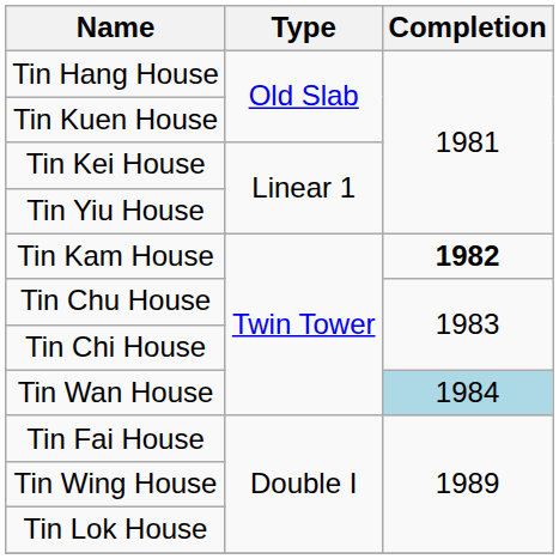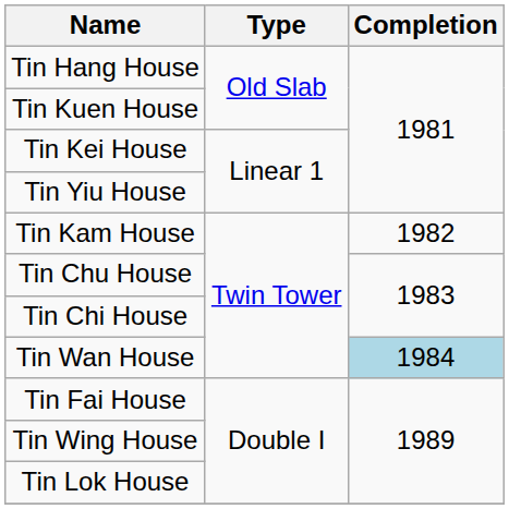 <table class="wikitable" style="text-align: center">
 <tr>
 <th>Name</th>
 <th>Type</th>
 <th>Completion</th>
 </tr>
 <tr>
 <td>Tin Hang House</td>
 <td rowspan="2"><a href='#'>Old Slab</a></td>
 <td rowspan="4">1981</td>
 </tr>
 <tr>
 <td>Tin Kuen House</td>
 </tr>
 <tr>
 <td>Tin Kei House</td>
 <td rowspan="2">Linear 1</td>
 </tr>
 <tr>
 <td>Tin Yiu House</td>
 </tr>
 <tr>
 <td>Tin Kam House</td>
 <td rowspan="4"><a href='#'>Twin Tower</a></td>
-<td><strong>1982</strong></td>
+<td>1982</td>
 </tr>
 <tr>
 <td>Tin Chu House</td>
 <td rowspan="2">1983</td>
 </tr>
 <tr>
 <td>Tin Chi House</td>
 </tr>
 <tr>
 <td>Tin Wan House</td>
 <td style="background: lightblue;">1984</td>
 </tr>
 <tr>
 <td>Tin Fai House</td>
 <td rowspan="3">Double I</td>
 <td rowspan="3">1989</td>
 </tr>
 <tr>
 <td>Tin Wing House</td>
 </tr>
 <tr>
 <td>Tin Lok House</td>
 </tr>
 <tr>
 </tr>
 </table>
